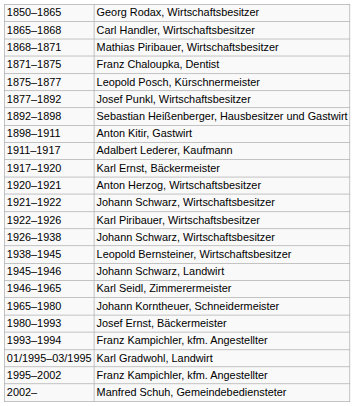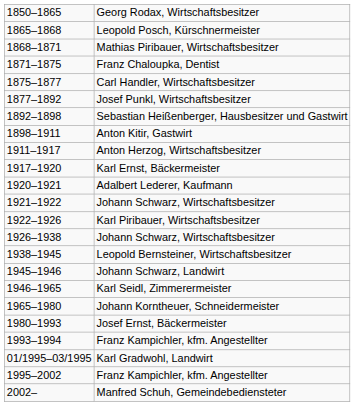 <table class="wikitable">
 <tr>
 <td>1850–1865</td>
 <td>Georg Rodax, Wirtschaftsbesitzer</td>
 </tr>
 <tr>
 <td>1865–1868</td>
-<td>Carl Handler, Wirtschaftsbesitzer</td>
+<td>Leopold Posch, Kürschnermeister</td>
 </tr>
 <tr>
 <td>1868–1871</td>
 <td>Mathias Piribauer, Wirtschaftsbesitzer</td>
 </tr>
 <tr>
 <td>1871–1875</td>
 <td>Franz Chaloupka, Dentist</td>
 </tr>
 <tr>
 <td>1875–1877</td>
-<td>Leopold Posch, Kürschnermeister</td>
+<td>Carl Handler, Wirtschaftsbesitzer</td>
 </tr>
 <tr>
 <td>1877–1892</td>
 <td>Josef Punkl, Wirtschaftsbesitzer</td>
 </tr>
 <tr>
 <td>1892–1898</td>
 <td>Sebastian Heißenberger, Hausbesitzer und Gastwirt</td>
 </tr>
 <tr>
 <td>1898–1911</td>
 <td>Anton Kitir, Gastwirt</td>
 </tr>
 <tr>
 <td>1911–1917</td>
-<td>Adalbert Lederer, Kaufmann</td>
+<td>Anton Herzog, Wirtschaftsbesitzer</td>
 </tr>
 <tr>
 <td>1917–1920</td>
 <td>Karl Ernst, Bäckermeister</td>
 </tr>
 <tr>
 <td>1920–1921</td>
-<td>Anton Herzog, Wirtschaftsbesitzer</td>
+<td>Adalbert Lederer, Kaufmann</td>
 </tr>
 <tr>
 <td>1921–1922</td>
 <td>Johann Schwarz, Wirtschaftsbesitzer</td>
 </tr>
 <tr>
 <td>1922–1926</td>
 <td>Karl Piribauer, Wirtschaftsbesitzer</td>
 </tr>
 <tr>
 <td>1926–1938</td>
 <td>Johann Schwarz, Wirtschaftsbesitzer</td>
 </tr>
 <tr>
 <td>1938–1945</td>
 <td>Leopold Bernsteiner, Wirtschaftsbesitzer</td>
 </tr>
 <tr>
 <td>1945–1946</td>
 <td>Johann Schwarz, Landwirt</td>
 </tr>
 <tr>
 <td>1946–1965</td>
 <td>Karl Seidl, Zimmerermeister</td>
 </tr>
 <tr>
 <td>1965–1980</td>
 <td>Johann Korntheuer, Schneidermeister</td>
 </tr>
 <tr>
 <td>1980–1993</td>
 <td>Josef Ernst, Bäckermeister</td>
 </tr>
 <tr>
 <td>1993–1994</td>
 <td>Franz Kampichler, kfm. Angestellter</td>
 </tr>
 <tr>
 <td>01/1995–03/1995</td>
 <td>Karl Gradwohl, Landwirt</td>
 </tr>
 <tr>
 <td>1995–2002</td>
 <td>Franz Kampichler, kfm. Angestellter</td>
 </tr>
 <tr>
 <td>2002–</td>
 <td>Manfred Schuh, Gemeindebediensteter</td>
 </tr>
 </table>
